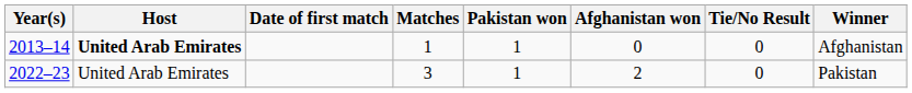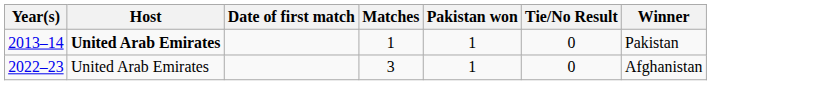 <table class="wikitable sortable">
 <tr>
 <th scope="col">Year(s)</th>
 <th scope="col">Host</th>
 <th scope="col">Date of first match</th>
 <th scope="col">Matches</th>
 <th scope="col">Pakistan won</th>
-<th scope="col">Afghanistan won</th>
 <th scope="col">Tie/No Result</th>
 <th scope="col">Winner</th>
 </tr>
 <tr>
 <td><a href='#'>2013–14</a></td>
 <td><strong>United Arab Emirates</strong></td>
 <td></td>
 <td style="text-align:center;">1</td>
 <td style="text-align:center;">1</td>
 <td style="text-align:center;">0</td>
-<td style="text-align:center;">0</td>
-<td>Afghanistan</td>
+<td>Pakistan</td>
 </tr>
 <tr>
 <td><a href='#'>2022–23</a></td>
 <td>United Arab Emirates</td>
 <td></td>
 <td style="text-align:center;">3</td>
 <td style="text-align:center;">1</td>
-<td style="text-align:center;">2</td>
 <td style="text-align:center;">0</td>
-<td>Pakistan</td>
+<td>Afghanistan</td>
 </tr>
 </table>
